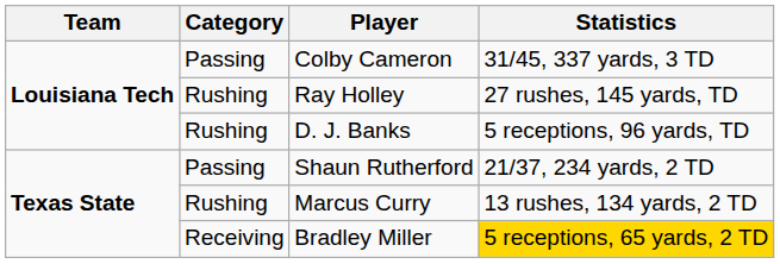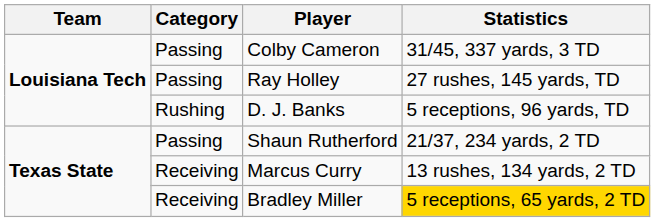 <table class="wikitable" style="float: left;">
 <tr>
 <th>Team</th>
 <th>Category</th>
 <th>Player</th>
 <th>Statistics</th>
 </tr>
 <tr>
 <td rowspan=3><strong>Louisiana Tech</strong></td>
 <td>Passing</td>
 <td>Colby Cameron</td>
 <td>31/45, 337 yards, 3 TD</td>
 </tr>
 <tr>
-<td>Rushing</td>
+<td>Passing</td>
 <td>Ray Holley</td>
 <td>27 rushes, 145 yards, TD</td>
 </tr>
 <tr>
 <td>Rushing</td>
 <td>D. J. Banks</td>
 <td>5 receptions, 96 yards, TD</td>
 </tr>
 <tr>
 <td rowspan=3><strong>Texas State</strong></td>
 <td>Passing</td>
 <td>Shaun Rutherford</td>
 <td>21/37, 234 yards, 2 TD</td>
 </tr>
 <tr>
-<td>Rushing</td>
+<td>Receiving</td>
 <td>Marcus Curry</td>
 <td>13 rushes, 134 yards, 2 TD</td>
 </tr>
 <tr>
 <td>Receiving</td>
 <td>Bradley Miller</td>
 <td style="background: gold;">5 receptions, 65 yards, 2 TD</td>
 </tr>
 </table>
